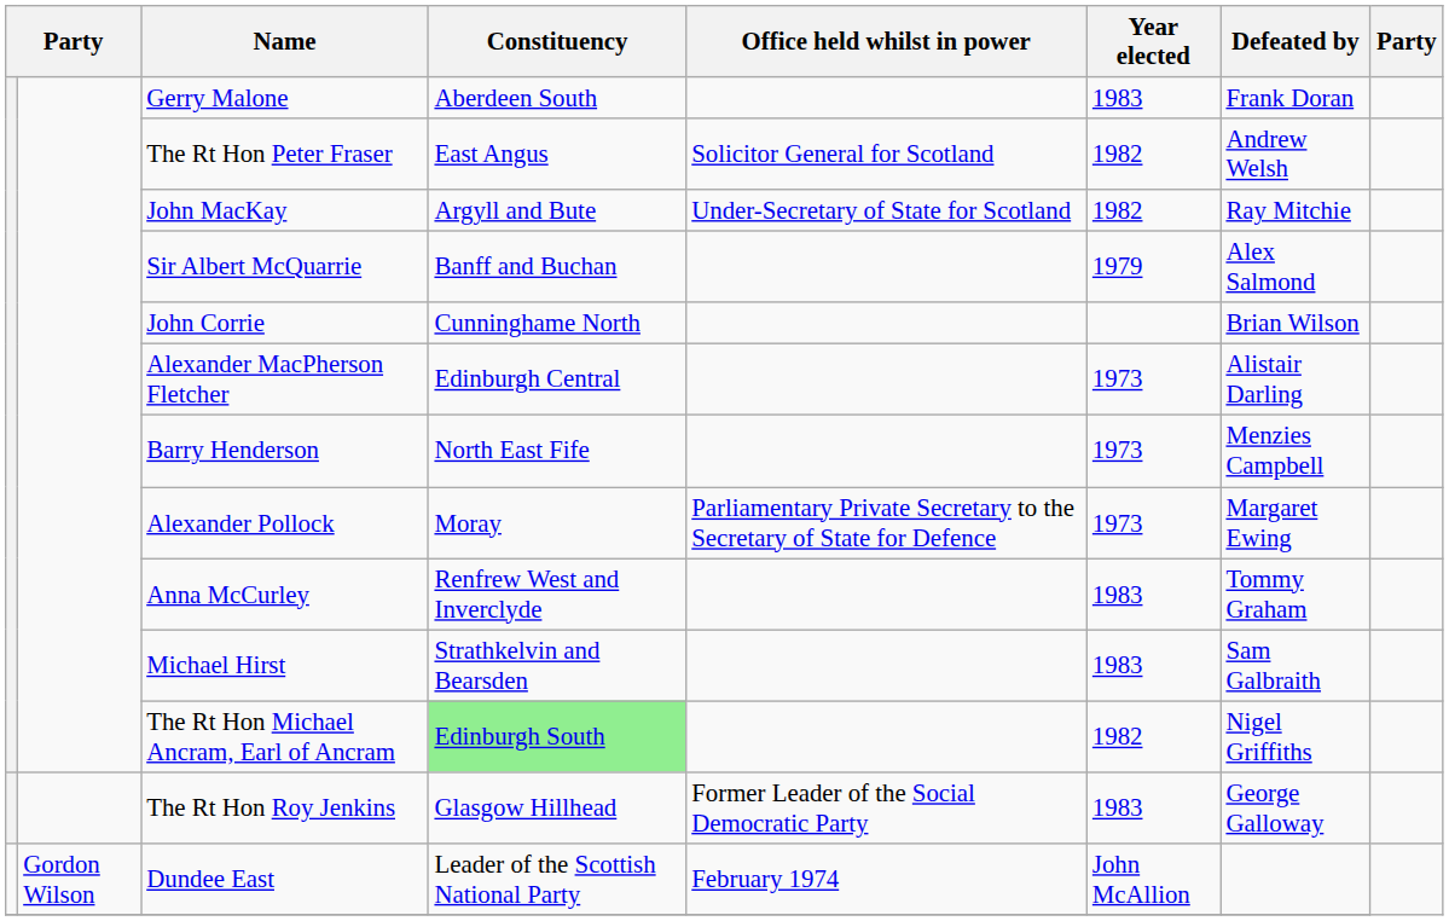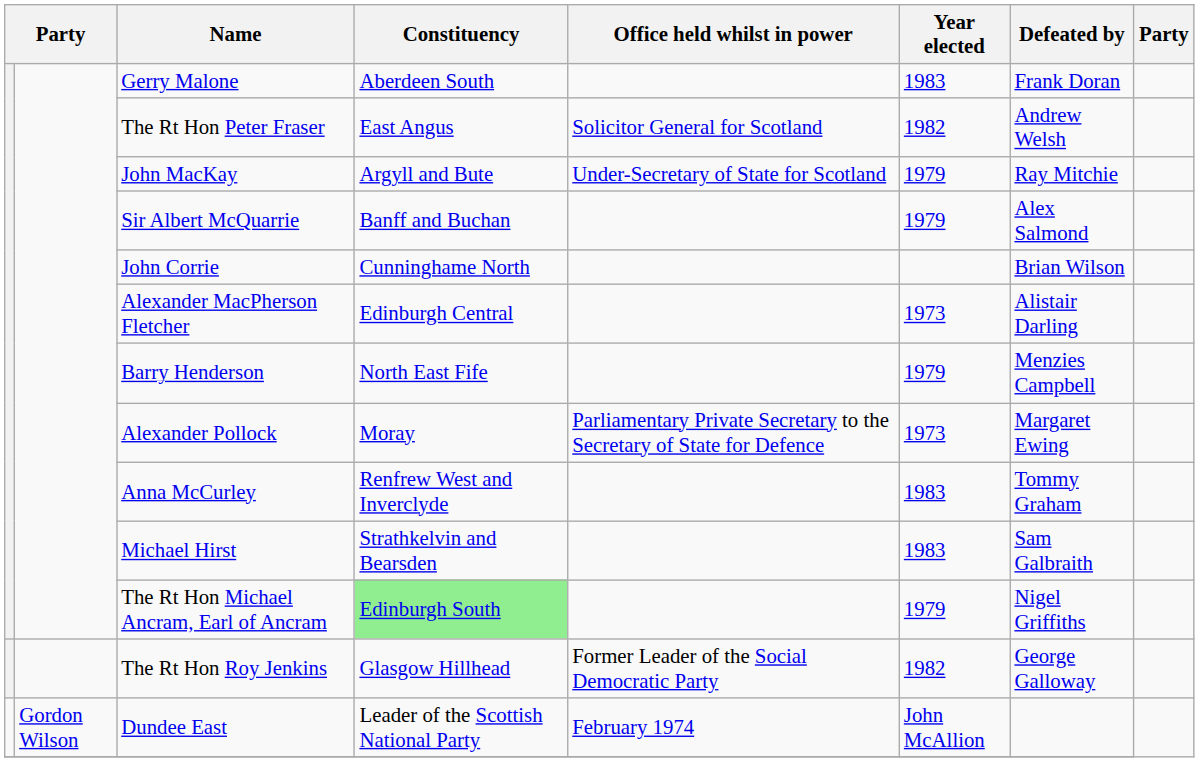 <table class="wikitable" style="font-size: 95%;">
 <tr>
 <th colspan=2>Party</th>
 <th>Name</th>
 <th>Constituency</th>
 <th>Office held whilst in power</th>
 <th>Year elected</th>
 <th>Defeated by</th>
 <th colspan=2>Party</th>
 </tr>
 <tr>
 <th rowspan=11 style="background-color: "></th>
 <td rowspan=11></td>
 <td><a href='#'>Gerry Malone</a></td>
 <td><a href='#'>Aberdeen South</a></td>
 <td></td>
 <td><a href='#'>1983</a></td>
 <td><a href='#'>Frank Doran</a></td>
 <td></td>
 </tr>
 <tr>
 <td>The Rt Hon <a href='#'>Peter Fraser</a></td>
 <td><a href='#'>East Angus</a></td>
 <td><a href='#'>Solicitor General for Scotland</a></td>
 <td><a href='#'>1982</a></td>
 <td><a href='#'>Andrew Welsh</a></td>
 <td></td>
 </tr>
 <tr>
 <td><a href='#'>John MacKay</a></td>
 <td><a href='#'>Argyll and Bute</a></td>
 <td><a href='#'>Under-Secretary of State for Scotland</a></td>
-<td><a href='#'>1982</a></td>
+<td><a href='#'>1979</a></td>
 <td><a href='#'>Ray Mitchie</a></td>
 <td></td>
 </tr>
 <tr>
 <td><a href='#'>Sir Albert McQuarrie</a></td>
 <td><a href='#'>Banff and Buchan</a></td>
 <td></td>
 <td><a href='#'>1979</a></td>
 <td><a href='#'>Alex Salmond</a></td>
 <td></td>
 </tr>
 <tr>
 <td><a href='#'>John Corrie</a></td>
 <td><a href='#'>Cunninghame North</a></td>
 <td></td>
 <td><a href='#'></a></td>
 <td><a href='#'>Brian Wilson</a></td>
 <td></td>
 </tr>
 <tr>
 <td><a href='#'>Alexander MacPherson Fletcher</a></td>
 <td><a href='#'>Edinburgh Central</a></td>
 <td></td>
 <td><a href='#'>1973</a></td>
 <td><a href='#'>Alistair Darling</a></td>
 <td></td>
 </tr>
 <tr>
 <td><a href='#'>Barry Henderson</a></td>
 <td><a href='#'>North East Fife</a></td>
 <td></td>
-<td><a href='#'>1973</a></td>
+<td><a href='#'>1979</a></td>
 <td><a href='#'>Menzies Campbell</a></td>
 <td></td>
 </tr>
 <tr>
 <td><a href='#'>Alexander Pollock</a></td>
 <td><a href='#'>Moray</a></td>
 <td><a href='#'>Parliamentary Private Secretary</a> to the <a href='#'>Secretary of State for Defence</a></td>
 <td><a href='#'>1973</a></td>
 <td><a href='#'>Margaret Ewing</a></td>
 <td></td>
 </tr>
 <tr>
 <td><a href='#'>Anna McCurley</a></td>
 <td><a href='#'>Renfrew West and Inverclyde</a></td>
 <td></td>
 <td><a href='#'>1983</a></td>
 <td><a href='#'>Tommy Graham</a></td>
 <td></td>
 </tr>
 <tr>
 <td><a href='#'>Michael Hirst</a></td>
 <td><a href='#'>Strathkelvin and Bearsden</a></td>
 <td></td>
 <td><a href='#'>1983</a></td>
 <td><a href='#'>Sam Galbraith</a></td>
 <td></td>
 </tr>
 <tr>
 <td>The Rt Hon <a href='#'>Michael Ancram, Earl of Ancram</a></td>
 <td style="background: lightgreen;"><a href='#'>Edinburgh South</a></td>
 <td></td>
-<td><a href='#'>1982</a></td>
+<td><a href='#'>1979</a></td>
 <td><a href='#'>Nigel Griffiths</a></td>
 <td></td>
 </tr>
 <tr>
 <th rowspan=1 style="background-color: "></th>
 <td rowspan=1></td>
 <td>The Rt Hon <a href='#'>Roy Jenkins</a></td>
 <td><a href='#'>Glasgow Hillhead</a></td>
 <td>Former Leader of the <a href='#'>Social Democratic Party</a></td>
-<td><a href='#'>1983</a></td>
+<td><a href='#'>1982</a></td>
 <td><a href='#'>George Galloway</a></td>
 <td></td>
 </tr>
 <tr>
 <td></td>
 <td><a href='#'>Gordon Wilson</a></td>
 <td><a href='#'>Dundee East</a></td>
 <td>Leader of the <a href='#'>Scottish National Party</a></td>
 <td><a href='#'>February 1974</a></td>
 <td><a href='#'>John McAllion</a></td>
 <td></td>
 </tr>
 <tr>
 </tr>
 </table>
